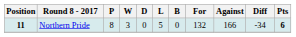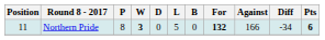 <table class="wikitable" style="text-align:center; font-size:85%;">
 <tr>
 <th width=40 abbr="Position">Position</th>
 <th width=100>Round 8 - 2017</th>
 <th width=20 abbr="Played">P</th>
 <th width=20 abbr="Won">W</th>
 <th width=20 abbr="Drawn">D</th>
 <th width=20 abbr="Lost">L</th>
 <th width=20 abbr="Bye">B</th>
 <th width=40 abbr="Points for">For</th>
 <th width=40 abbr="Points against">Against</th>
 <th width=40 abbr="Points difference">Diff</th>
 <th width=20 abbr="Points">Pts</th>
 </tr>
 <tr style="background: #d7ebed;">
-<td><strong>11</strong></td>
+<td>11</td>
 <td style="text-align:left;"> <a href='#'>Northern Pride</a></td>
 <td>8</td>
-<td>3</td>
+<td><strong>3</strong></td>
 <td>0</td>
 <td>5</td>
 <td>0</td>
-<td>132</td>
+<td><strong>132</strong></td>
 <td>166</td>
 <td>-34</td>
 <td><strong>6</strong></td>
 </tr>
 <tr>
 </tr>
 </table>
